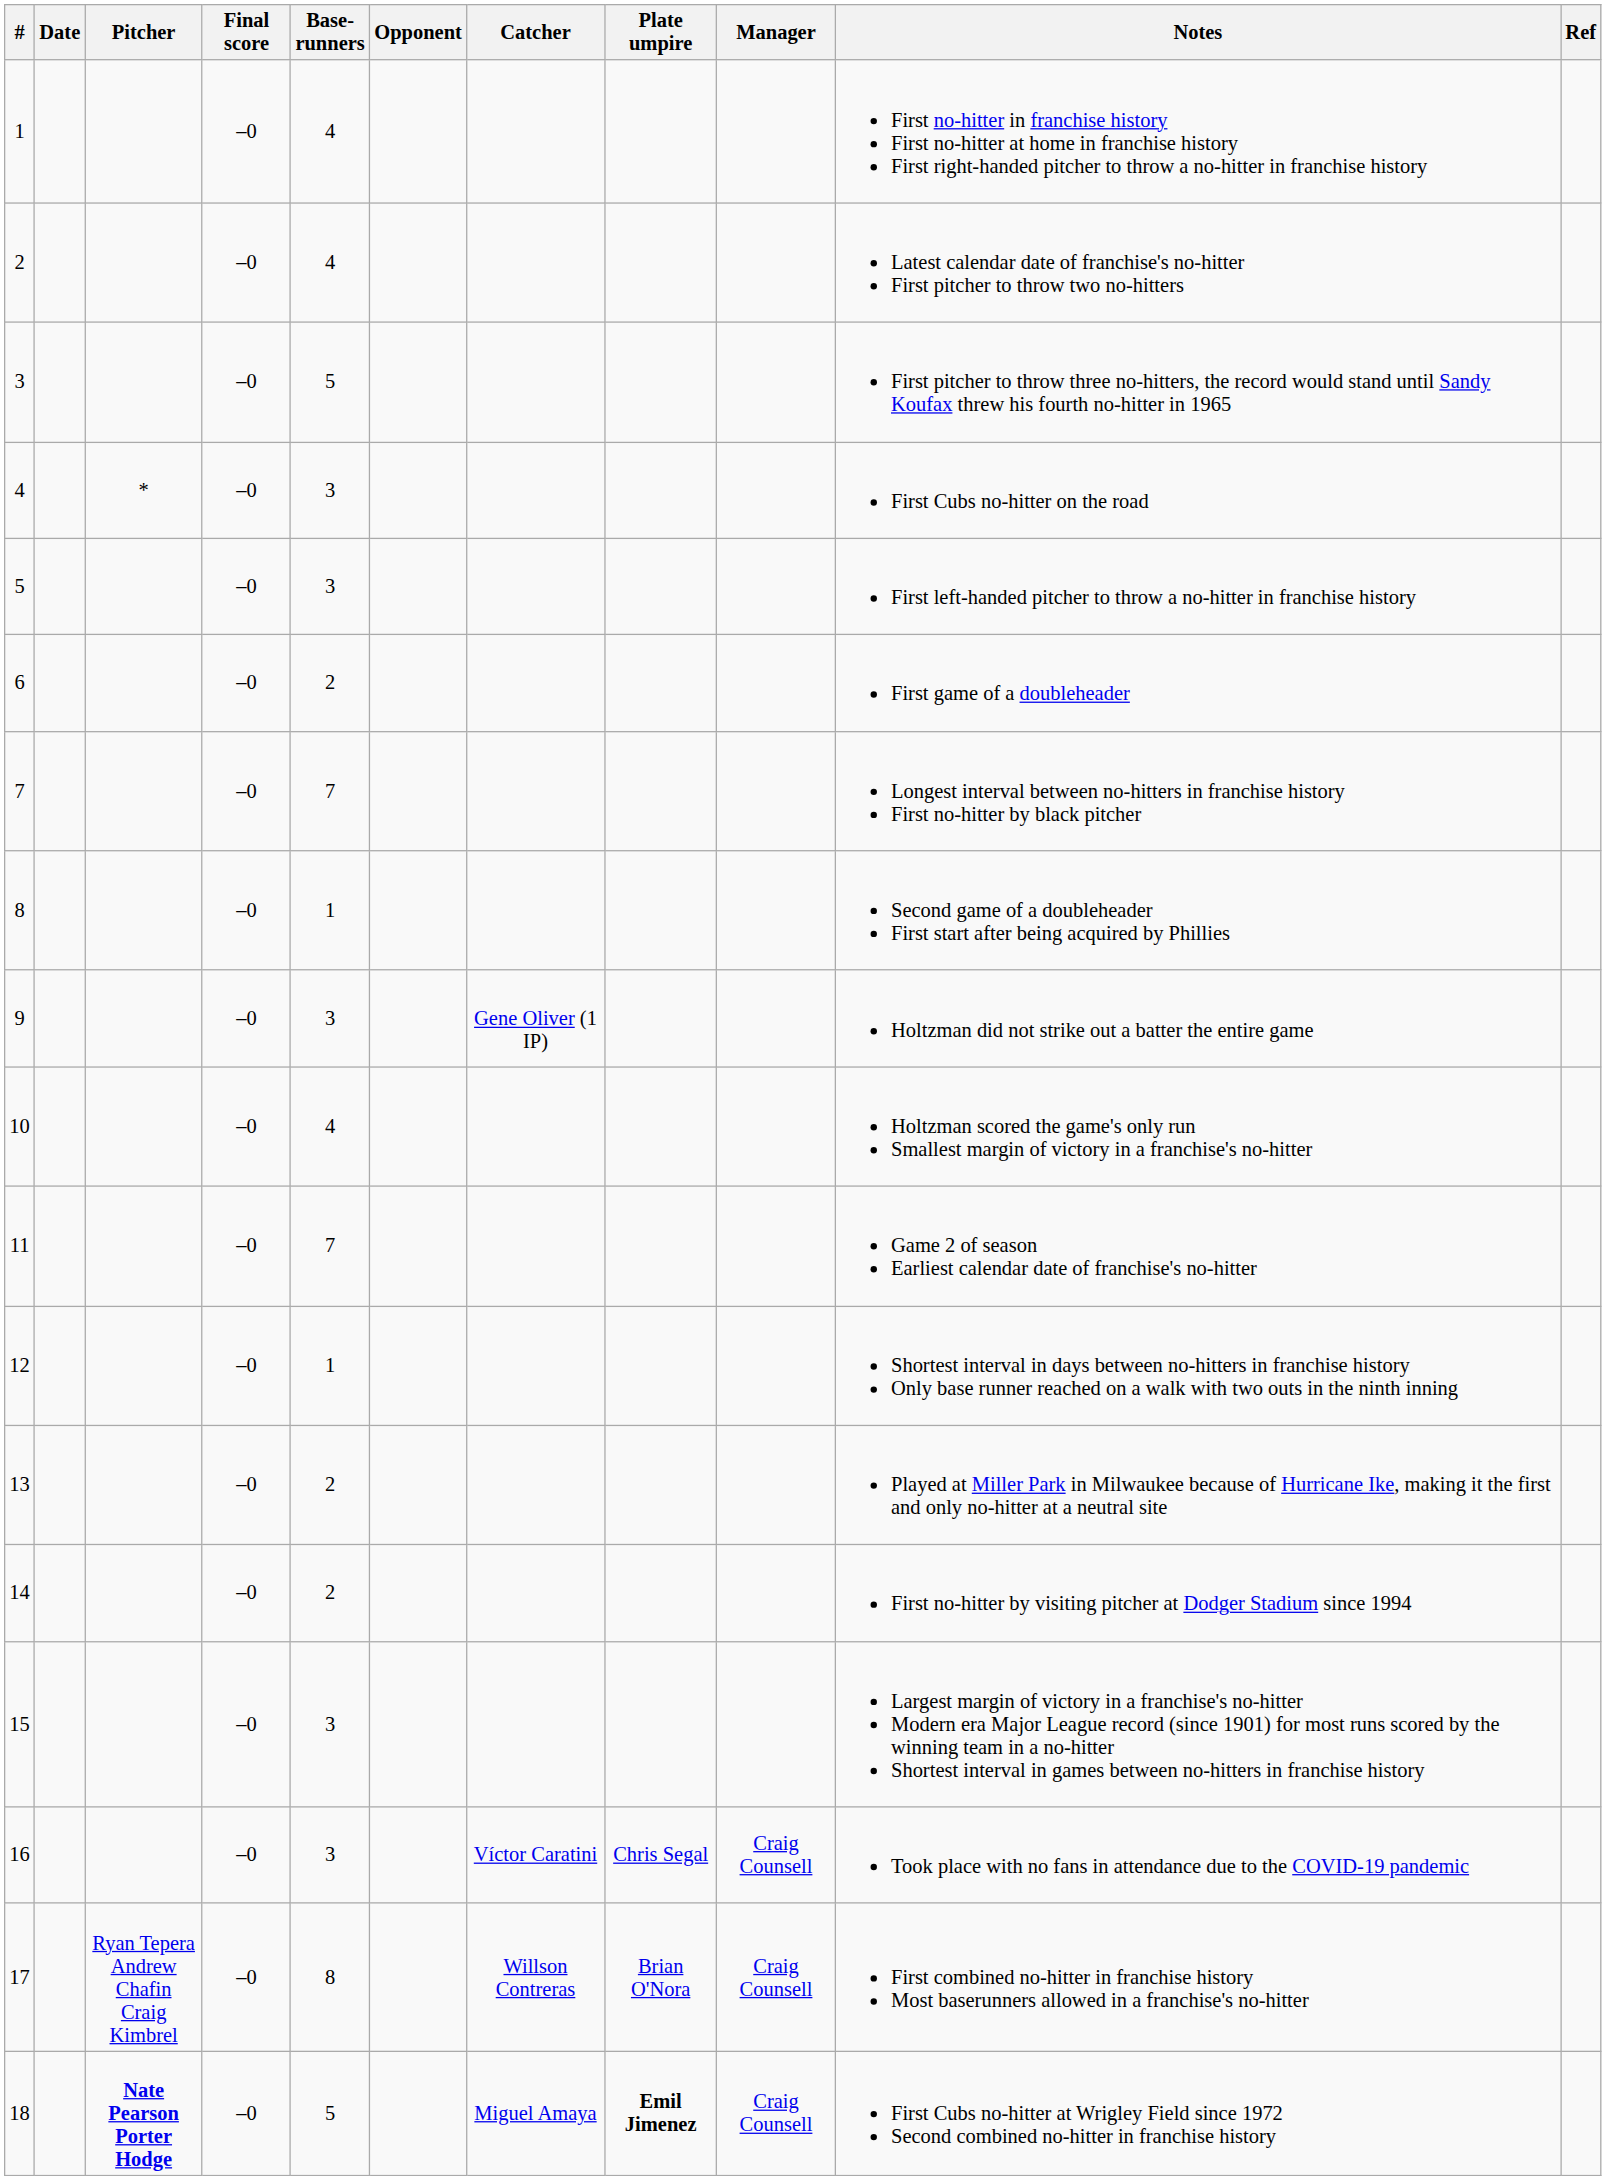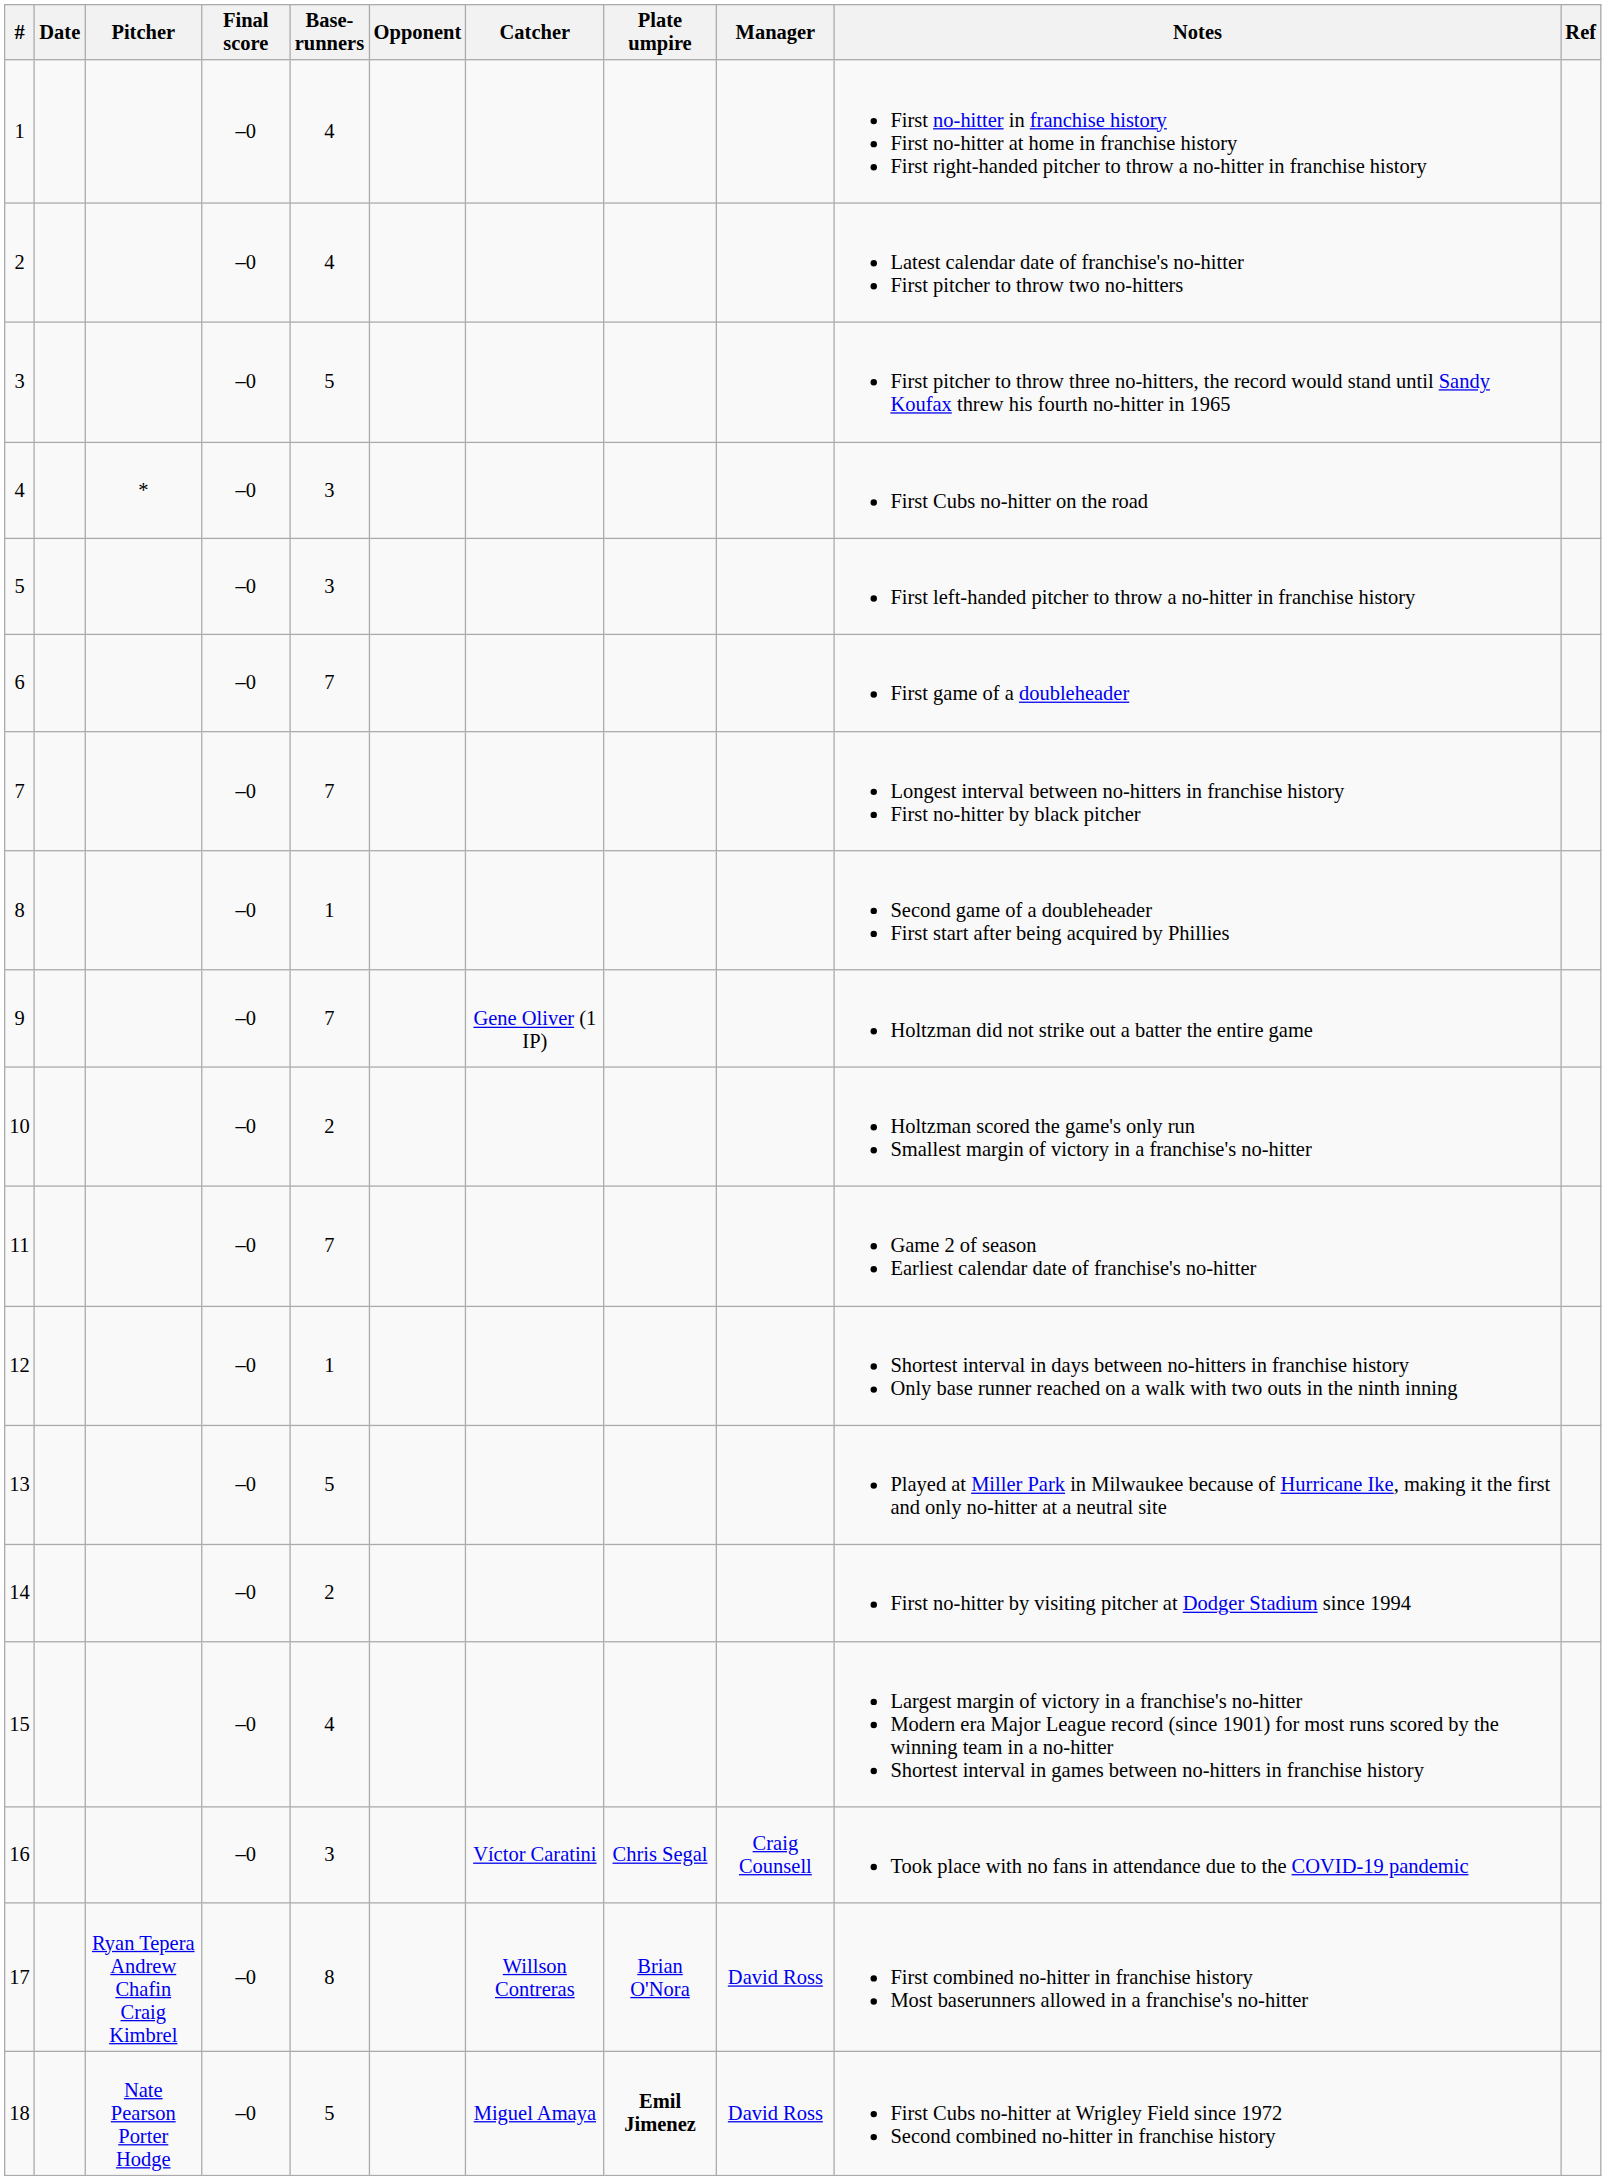 <table class="wikitable sortable" style="text-align:center" border="1">
 <tr>
 <th>#</th>
 <th>Date</th>
 <th>Pitcher</th>
 <th>Final score</th>
 <th>Base-<br>runners</th>
 <th>Opponent</th>
 <th>Catcher</th>
 <th>Plate umpire</th>
 <th>Manager</th>
 <th class="unsortable">Notes</th>
 <th class="unsortable">Ref</th>
 </tr>
 <tr>
 <td>1</td>
 <td></td>
 <td> </td>
 <td>–0</td>
 <td>4</td>
 <td></td>
 <td> </td>
 <td></td>
 <td> </td>
 <td align="left"><br><ul><li>First <a href='#'>no-hitter</a> in <a href='#'>franchise history</a></li><li>First no-hitter at home in franchise history</li><li>First right-handed pitcher to throw a no-hitter in franchise history</li></ul></td>
 <td></td>
 </tr>
 <tr>
 <td>2</td>
 <td></td>
 <td> </td>
 <td>–0</td>
 <td>4</td>
 <td></td>
 <td> </td>
 <td></td>
 <td> </td>
 <td align="left"><br><ul><li>Latest calendar date of franchise's no-hitter</li><li>First pitcher to throw two no-hitters</li></ul></td>
 <td></td>
 </tr>
 <tr>
 <td>3</td>
 <td></td>
 <td> </td>
 <td>–0</td>
 <td>5</td>
 <td></td>
 <td> </td>
 <td></td>
 <td> </td>
 <td align="left"><br><ul><li>First pitcher to throw three no-hitters, the record would stand until <a href='#'>Sandy Koufax</a> threw his fourth no-hitter in 1965</li></ul></td>
 <td></td>
 </tr>
 <tr>
 <td>4</td>
 <td></td>
 <td>*</td>
 <td>–0</td>
 <td>3</td>
 <td></td>
 <td> </td>
 <td></td>
 <td> </td>
 <td align="left"><br><ul><li>First Cubs no-hitter on the road</li></ul></td>
 <td></td>
 </tr>
 <tr>
 <td>5</td>
 <td></td>
 <td></td>
 <td>–0</td>
 <td>3</td>
 <td></td>
 <td></td>
 <td></td>
 <td></td>
 <td align="left"><br><ul><li>First left-handed pitcher to throw a no-hitter in franchise history</li></ul></td>
 <td></td>
 </tr>
 <tr>
 <td>6</td>
 <td></td>
 <td></td>
 <td>–0</td>
-<td>2</td>
+<td>7</td>
 <td></td>
 <td></td>
 <td></td>
 <td></td>
 <td align="left"><br><ul><li>First game of a <a href='#'>doubleheader</a></li></ul></td>
 <td></td>
 </tr>
 <tr>
 <td>7</td>
 <td></td>
 <td></td>
 <td>–0</td>
 <td>7</td>
 <td></td>
 <td></td>
 <td></td>
 <td></td>
 <td align="left"><br><ul><li>Longest interval between no-hitters in franchise history</li><li>First no-hitter by black pitcher</li></ul></td>
 <td></td>
 </tr>
 <tr>
 <td>8</td>
 <td></td>
 <td></td>
 <td>–0</td>
 <td>1</td>
 <td></td>
 <td></td>
 <td></td>
 <td></td>
 <td align="left"><br><ul><li>Second game of a doubleheader</li><li>First start after being acquired by Phillies</li></ul></td>
 <td></td>
 </tr>
 <tr>
 <td>9</td>
 <td></td>
 <td> </td>
 <td>–0</td>
-<td>3</td>
+<td>7</td>
 <td></td>
 <td> <br><a href='#'>Gene Oliver</a> (1 IP)</td>
 <td></td>
 <td> </td>
 <td align="left"><br><ul><li>Holtzman did not strike out a batter the entire game</li></ul></td>
 <td></td>
 </tr>
 <tr>
 <td>10</td>
 <td></td>
 <td> </td>
 <td>–0</td>
-<td>4</td>
+<td>2</td>
 <td></td>
 <td></td>
 <td></td>
 <td> </td>
 <td align="left"><br><ul><li>Holtzman scored the game's only run</li><li>Smallest margin of victory in a franchise's no-hitter</li></ul></td>
 <td></td>
 </tr>
 <tr>
 <td>11</td>
 <td></td>
 <td></td>
 <td>–0</td>
 <td>7</td>
 <td></td>
 <td> </td>
 <td></td>
 <td> </td>
 <td align="left"><br><ul><li>Game 2 of season</li><li>Earliest calendar date of franchise's no-hitter</li></ul></td>
 <td></td>
 </tr>
 <tr>
 <td>12</td>
 <td></td>
 <td></td>
 <td>–0</td>
 <td>1</td>
 <td></td>
 <td> </td>
 <td></td>
 <td></td>
 <td align="left"><br><ul><li>Shortest interval in days between no-hitters in franchise history</li><li>Only base runner reached on a walk with two outs in the ninth inning</li></ul></td>
 <td></td>
 </tr>
 <tr>
 <td>13</td>
 <td></td>
 <td></td>
 <td>–0</td>
-<td>2</td>
+<td>5</td>
 <td></td>
 <td></td>
 <td></td>
 <td></td>
 <td align="left"><br><ul><li>Played at <a href='#'>Miller Park</a> in Milwaukee because of <a href='#'>Hurricane Ike</a>, making it the first and only no-hitter at a neutral site</li></ul></td>
 <td></td>
 </tr>
 <tr>
 <td>14</td>
 <td></td>
 <td> </td>
 <td>–0</td>
 <td>2</td>
 <td></td>
 <td></td>
 <td></td>
 <td> </td>
 <td align="left"><br><ul><li>First no-hitter by visiting pitcher at <a href='#'>Dodger Stadium</a> since 1994</li></ul></td>
 <td></td>
 </tr>
 <tr>
 <td>15</td>
 <td></td>
 <td> </td>
 <td>–0</td>
-<td>3</td>
+<td>4</td>
 <td></td>
 <td></td>
 <td></td>
 <td> </td>
 <td align="left"><br><ul><li>Largest margin of victory in a franchise's no-hitter</li><li>Modern era Major League record (since 1901) for most runs scored by the winning team in a no-hitter</li><li>Shortest interval in games between no-hitters in franchise history</li></ul></td>
 <td></td>
 </tr>
 <tr>
 <td>16</td>
 <td></td>
 <td></td>
 <td>–0</td>
 <td>3</td>
 <td></td>
 <td><a href='#'>Víctor Caratini</a></td>
 <td><a href='#'>Chris Segal</a></td>
 <td><a href='#'>Craig Counsell</a></td>
 <td align="left"><br><ul><li>Took place with no fans in attendance due to the <a href='#'>COVID-19 pandemic</a></li></ul></td>
 <td></td>
 </tr>
 <tr>
 <td>17</td>
 <td></td>
 <td> <br><a href='#'>Ryan Tepera</a> <br><a href='#'>Andrew Chafin</a> <br><a href='#'>Craig Kimbrel</a> </td>
 <td>–0</td>
 <td>8</td>
 <td></td>
 <td><a href='#'>Willson Contreras</a></td>
 <td><a href='#'>Brian O'Nora</a></td>
-<td><a href='#'>Craig Counsell</a></td>
+<td><a href='#'>David Ross</a> </td>
 <td align="left"><br><ul><li>First combined no-hitter in franchise history</li><li>Most baserunners allowed in a franchise's no-hitter</li></ul></td>
 <td></td>
 </tr>
 <tr>
 <td>18</td>
 <td></td>
-<td><strong> <br><a href='#'>Nate Pearson</a> <br><a href='#'>Porter Hodge</a> </strong></td>
+<td> <br><a href='#'>Nate Pearson</a> <br><a href='#'>Porter Hodge</a> </td>
 <td>–0</td>
 <td>5</td>
 <td></td>
 <td><a href='#'>Miguel Amaya</a></td>
 <td><strong>Emil Jimenez</strong></td>
-<td><a href='#'>Craig Counsell</a></td>
+<td><a href='#'>David Ross</a> </td>
 <td align="left"><br><ul><li>First Cubs no-hitter at Wrigley Field since 1972</li><li>Second combined no-hitter in franchise history</li></ul></td>
 <td></td>
 </tr>
 </table>
